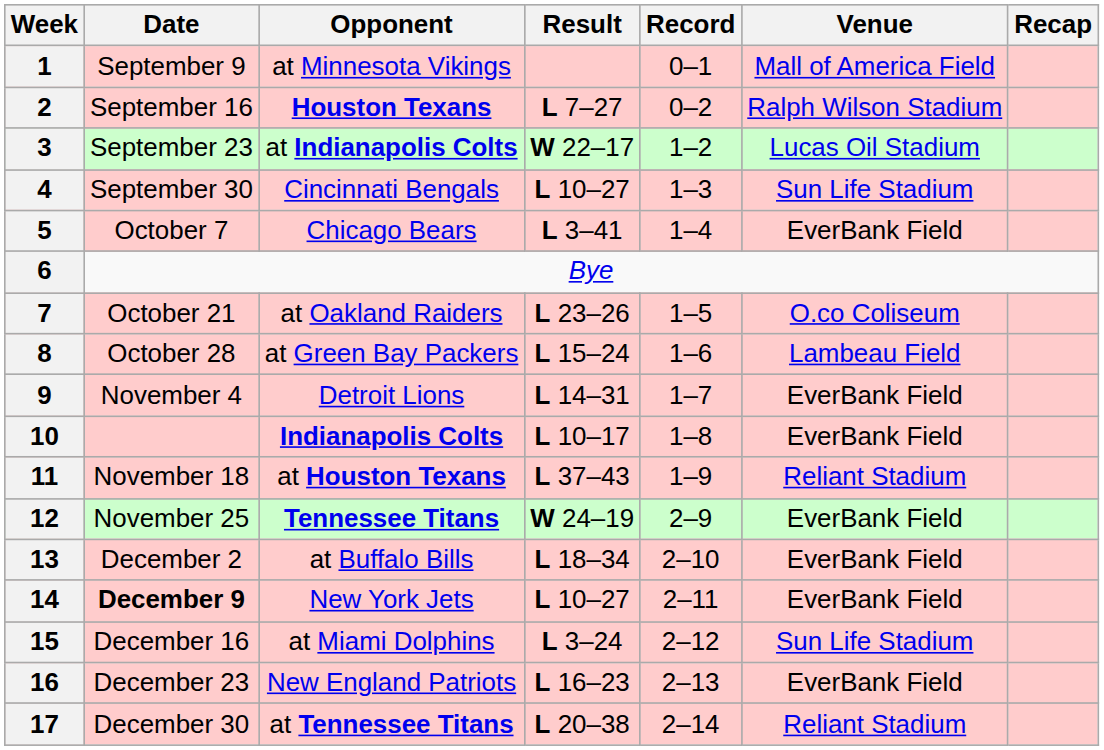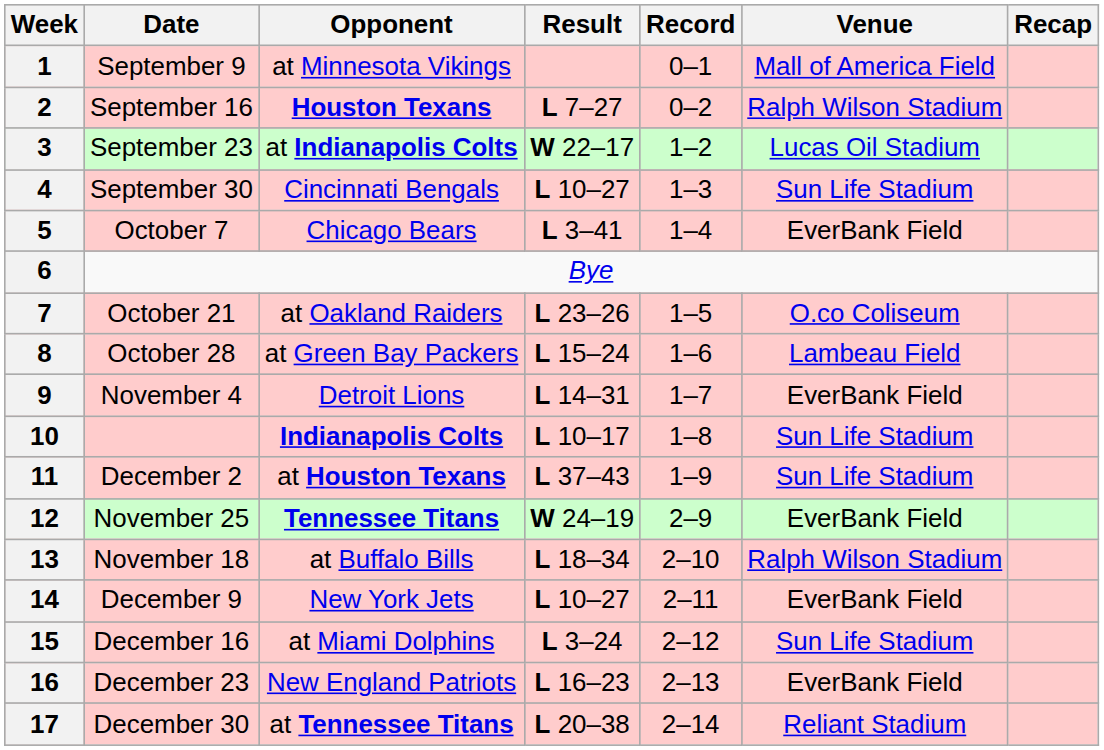 <table class="wikitable" style="text-align:center">
 <tr>
 <th>Week</th>
 <th>Date</th>
 <th>Opponent</th>
 <th>Result</th>
 <th>Record</th>
 <th>Venue</th>
 <th>Recap</th>
 </tr>
 <tr style="background:#fcc;">
 <th>1</th>
 <td>September 9</td>
 <td>at <a href='#'>Minnesota Vikings</a></td>
 <td></td>
 <td>0–1</td>
 <td><a href='#'>Mall of America Field</a></td>
 <td></td>
 </tr>
 <tr style="background:#fcc;">
 <th>2</th>
 <td>September 16</td>
 <td><strong><a href='#'>Houston Texans</a></strong></td>
 <td><strong>L</strong> 7–27</td>
 <td>0–2</td>
 <td><a href='#'>Ralph Wilson Stadium</a></td>
 <td></td>
 </tr>
 <tr style="background:#cfc;">
 <th>3</th>
 <td>September 23</td>
 <td>at <strong><a href='#'>Indianapolis Colts</a></strong></td>
 <td><strong>W</strong> 22–17</td>
 <td>1–2</td>
 <td><a href='#'>Lucas Oil Stadium</a></td>
 <td></td>
 </tr>
 <tr style="background:#fcc;">
 <th>4</th>
 <td>September 30</td>
 <td><a href='#'>Cincinnati Bengals</a></td>
 <td><strong>L</strong> 10–27</td>
 <td>1–3</td>
 <td><a href='#'>Sun Life Stadium</a></td>
 <td></td>
 </tr>
 <tr style="background:#fcc;">
 <th>5</th>
 <td>October 7</td>
 <td><a href='#'>Chicago Bears</a></td>
 <td><strong>L</strong> 3–41</td>
 <td>1–4</td>
 <td>EverBank Field</td>
 <td></td>
 </tr>
 <tr style="background:#">
 <th>6</th>
 <td colspan="6" align="center"><em><a href='#'>Bye</a></em></td>
 </tr>
 <tr style="background:#fcc;">
 <th>7</th>
 <td>October 21</td>
 <td>at <a href='#'>Oakland Raiders</a></td>
 <td><strong>L</strong> 23–26 </td>
 <td>1–5</td>
 <td><a href='#'>O.co Coliseum</a></td>
 <td></td>
 </tr>
 <tr style="background:#fcc;">
 <th>8</th>
 <td>October 28</td>
 <td>at <a href='#'>Green Bay Packers</a></td>
 <td><strong>L</strong> 15–24</td>
 <td>1–6</td>
 <td><a href='#'>Lambeau Field</a></td>
 <td></td>
 </tr>
 <tr style="background:#fcc;">
 <th>9</th>
 <td>November 4</td>
 <td><a href='#'>Detroit Lions</a></td>
 <td><strong>L</strong> 14–31</td>
 <td>1–7</td>
 <td>EverBank Field</td>
 <td></td>
 </tr>
 <tr style="background:#fcc;">
 <th>10</th>
 <td></td>
 <td><strong><a href='#'>Indianapolis Colts</a></strong></td>
 <td><strong>L</strong> 10–17</td>
 <td>1–8</td>
-<td>EverBank Field</td>
+<td><a href='#'>Sun Life Stadium</a></td>
 <td></td>
 </tr>
 <tr style="background:#fcc;">
 <th>11</th>
-<td>November 18</td>
+<td>December 2</td>
 <td>at <strong><a href='#'>Houston Texans</a></strong></td>
 <td><strong>L</strong> 37–43 </td>
 <td>1–9</td>
-<td><a href='#'>Reliant Stadium</a></td>
+<td><a href='#'>Sun Life Stadium</a></td>
 <td></td>
 </tr>
 <tr style="background:#cfc;">
 <th>12</th>
 <td>November 25</td>
 <td><strong><a href='#'>Tennessee Titans</a></strong></td>
 <td><strong>W</strong> 24–19</td>
 <td>2–9</td>
 <td>EverBank Field</td>
 <td></td>
 </tr>
 <tr style="background:#fcc;">
 <th>13</th>
-<td>December 2</td>
+<td>November 18</td>
 <td>at <a href='#'>Buffalo Bills</a></td>
 <td><strong>L</strong> 18–34</td>
 <td>2–10</td>
-<td>EverBank Field</td>
+<td><a href='#'>Ralph Wilson Stadium</a></td>
 <td></td>
 </tr>
 <tr style="background:#fcc;">
 <th>14</th>
-<td><strong>December 9</strong></td>
+<td>December 9</td>
 <td><a href='#'>New York Jets</a></td>
 <td><strong>L</strong> 10–27</td>
 <td>2–11</td>
 <td>EverBank Field</td>
 <td></td>
 </tr>
 <tr style="background:#fcc;">
 <th>15</th>
 <td>December 16</td>
 <td>at <a href='#'>Miami Dolphins</a></td>
 <td><strong>L</strong> 3–24</td>
 <td>2–12</td>
 <td><a href='#'>Sun Life Stadium</a></td>
 <td></td>
 </tr>
 <tr style="background:#fcc;">
 <th>16</th>
 <td>December 23</td>
 <td><a href='#'>New England Patriots</a></td>
 <td><strong>L</strong> 16–23</td>
 <td>2–13</td>
 <td>EverBank Field</td>
 <td></td>
 </tr>
 <tr style="background:#fcc;">
 <th>17</th>
 <td>December 30</td>
 <td>at <strong><a href='#'>Tennessee Titans</a></strong></td>
 <td><strong>L</strong> 20–38</td>
 <td>2–14</td>
 <td><a href='#'>Reliant Stadium</a></td>
 <td></td>
 </tr>
 </table>
